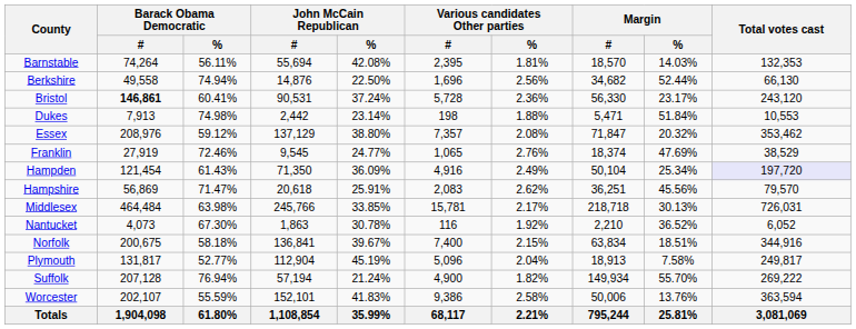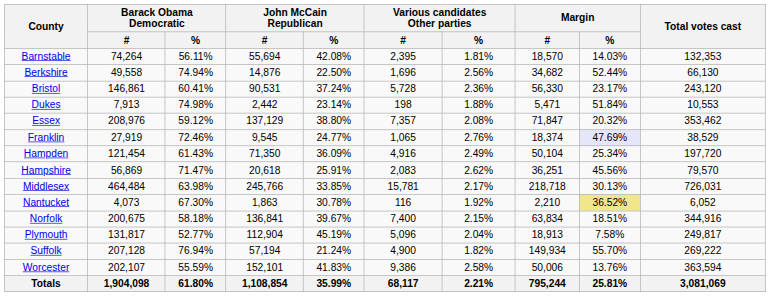 <table width="60%"  class="wikitable sortable" style="text-align:center">
 <tr>
 <th style="text-align:center;" rowspan="2">County</th>
 <th style="text-align:center;" colspan="2">Barack Obama<br>Democratic</th>
 <th style="text-align:center;" colspan="2">John McCain<br>Republican</th>
 <th style="text-align:center;" colspan="2">Various candidates<br>Other parties</th>
 <th style="text-align:center;" colspan="2">Margin</th>
 <th style="text-align:center;" rowspan="2">Total votes cast</th>
 </tr>
 <tr>
 <th style="text-align:center;" data-sort-type="number">#</th>
 <th style="text-align:center;" data-sort-type="number">%</th>
 <th style="text-align:center;" data-sort-type="number">#</th>
 <th style="text-align:center;" data-sort-type="number">%</th>
 <th style="text-align:center;" data-sort-type="number">#</th>
 <th style="text-align:center;" data-sort-type="number">%</th>
 <th style="text-align:center;" data-sort-type="number">#</th>
 <th style="text-align:center;" data-sort-type="number">%</th>
 </tr>
 <tr style="text-align:center;">
 <td><a href='#'>Barnstable</a></td>
 <td>74,264</td>
 <td>56.11%</td>
 <td>55,694</td>
 <td>42.08%</td>
 <td>2,395</td>
 <td>1.81%</td>
 <td>18,570</td>
 <td>14.03%</td>
 <td>132,353</td>
 </tr>
 <tr style="text-align:center;">
 <td><a href='#'>Berkshire</a></td>
 <td>49,558</td>
 <td>74.94%</td>
 <td>14,876</td>
 <td>22.50%</td>
 <td>1,696</td>
 <td>2.56%</td>
 <td>34,682</td>
 <td>52.44%</td>
 <td>66,130</td>
 </tr>
 <tr style="text-align:center;">
 <td><a href='#'>Bristol</a></td>
-<td><strong>146,861</strong></td>
+<td>146,861</td>
 <td>60.41%</td>
 <td>90,531</td>
 <td>37.24%</td>
 <td>5,728</td>
 <td>2.36%</td>
 <td>56,330</td>
 <td>23.17%</td>
 <td>243,120</td>
 </tr>
 <tr style="text-align:center;">
 <td><a href='#'>Dukes</a></td>
 <td>7,913</td>
 <td>74.98%</td>
 <td>2,442</td>
 <td>23.14%</td>
 <td>198</td>
 <td>1.88%</td>
 <td>5,471</td>
 <td>51.84%</td>
 <td>10,553</td>
 </tr>
 <tr style="text-align:center;">
 <td><a href='#'>Essex</a></td>
 <td>208,976</td>
 <td>59.12%</td>
 <td>137,129</td>
 <td>38.80%</td>
 <td>7,357</td>
 <td>2.08%</td>
 <td>71,847</td>
 <td>20.32%</td>
 <td>353,462</td>
 </tr>
 <tr style="text-align:center;">
 <td><a href='#'>Franklin</a></td>
 <td>27,919</td>
 <td>72.46%</td>
 <td>9,545</td>
 <td>24.77%</td>
 <td>1,065</td>
 <td>2.76%</td>
 <td>18,374</td>
-<td>47.69%</td>
+<td style="background: lavender;">47.69%</td>
 <td>38,529</td>
 </tr>
 <tr style="text-align:center;">
 <td><a href='#'>Hampden</a></td>
 <td>121,454</td>
 <td>61.43%</td>
 <td>71,350</td>
 <td>36.09%</td>
 <td>4,916</td>
 <td>2.49%</td>
 <td>50,104</td>
 <td>25.34%</td>
-<td style="background: lavender;">197,720</td>
+<td>197,720</td>
 </tr>
 <tr style="text-align:center;">
 <td><a href='#'>Hampshire</a></td>
 <td>56,869</td>
 <td>71.47%</td>
 <td>20,618</td>
 <td>25.91%</td>
 <td>2,083</td>
 <td>2.62%</td>
 <td>36,251</td>
 <td>45.56%</td>
 <td>79,570</td>
 </tr>
 <tr style="text-align:center;">
 <td><a href='#'>Middlesex</a></td>
 <td>464,484</td>
 <td>63.98%</td>
 <td>245,766</td>
 <td>33.85%</td>
 <td>15,781</td>
 <td>2.17%</td>
 <td>218,718</td>
 <td>30.13%</td>
 <td>726,031</td>
 </tr>
 <tr style="text-align:center;">
 <td><a href='#'>Nantucket</a></td>
 <td>4,073</td>
 <td>67.30%</td>
 <td>1,863</td>
 <td>30.78%</td>
 <td>116</td>
 <td>1.92%</td>
 <td>2,210</td>
-<td>36.52%</td>
+<td style="background: khaki;">36.52%</td>
 <td>6,052</td>
 </tr>
 <tr style="text-align:center;">
 <td><a href='#'>Norfolk</a></td>
 <td>200,675</td>
 <td>58.18%</td>
 <td>136,841</td>
 <td>39.67%</td>
 <td>7,400</td>
 <td>2.15%</td>
 <td>63,834</td>
 <td>18.51%</td>
 <td>344,916</td>
 </tr>
 <tr style="text-align:center;">
 <td><a href='#'>Plymouth</a></td>
 <td>131,817</td>
 <td>52.77%</td>
 <td>112,904</td>
 <td>45.19%</td>
 <td>5,096</td>
 <td>2.04%</td>
 <td>18,913</td>
 <td>7.58%</td>
 <td>249,817</td>
 </tr>
 <tr style="text-align:center;">
 <td><a href='#'>Suffolk</a></td>
 <td>207,128</td>
 <td>76.94%</td>
 <td>57,194</td>
 <td>21.24%</td>
 <td>4,900</td>
 <td>1.82%</td>
 <td>149,934</td>
 <td>55.70%</td>
 <td>269,222</td>
 </tr>
 <tr style="text-align:center;">
 <td><a href='#'>Worcester</a></td>
 <td>202,107</td>
 <td>55.59%</td>
 <td>152,101</td>
 <td>41.83%</td>
 <td>9,386</td>
 <td>2.58%</td>
 <td>50,006</td>
 <td>13.76%</td>
 <td>363,594</td>
 </tr>
 <tr>
 <th>Totals</th>
 <th>1,904,098</th>
 <th>61.80%</th>
 <th>1,108,854</th>
 <th>35.99%</th>
 <th>68,117</th>
 <th>2.21%</th>
 <th>795,244</th>
 <th>25.81%</th>
 <th>3,081,069</th>
 </tr>
 </table>
